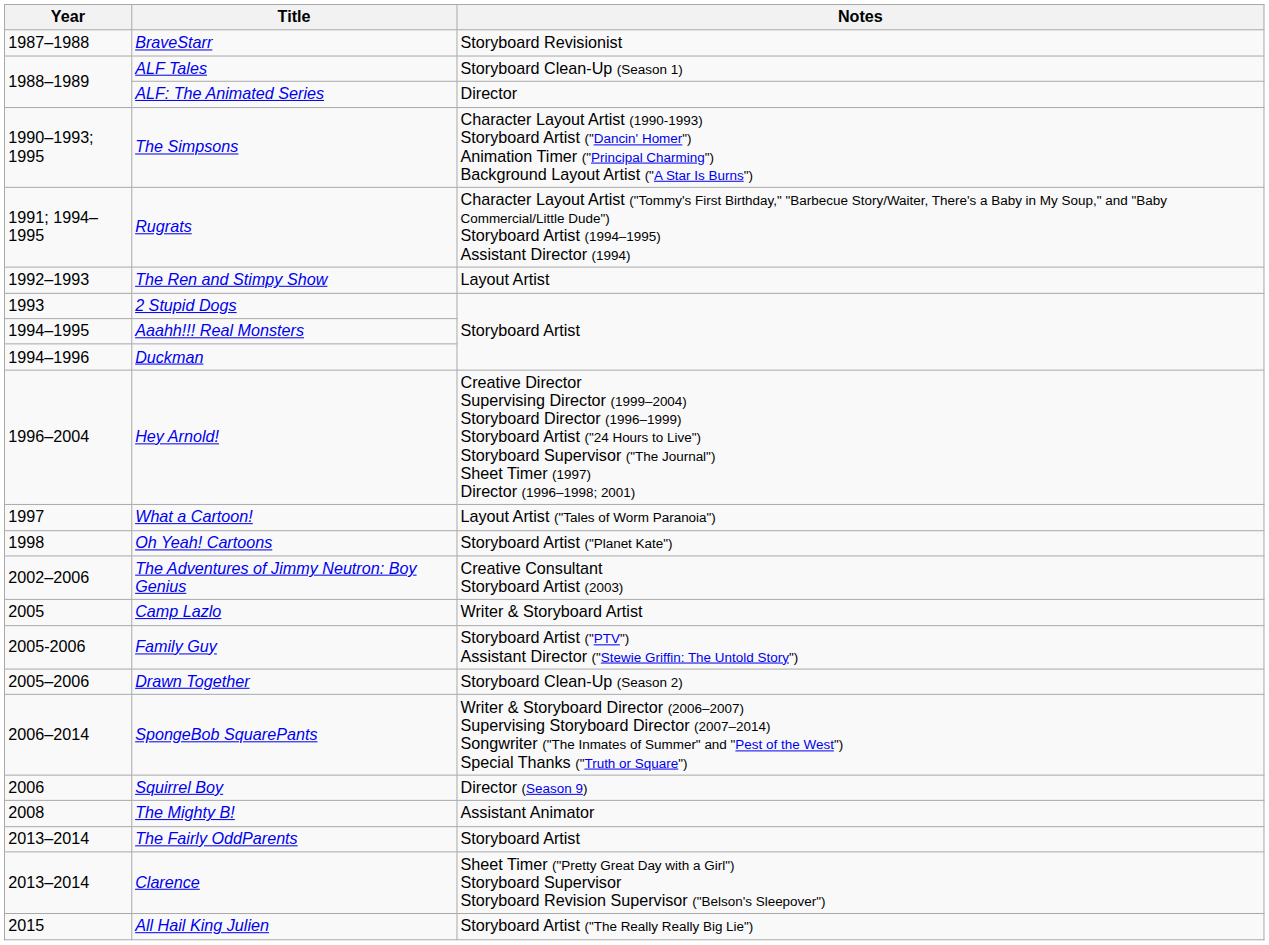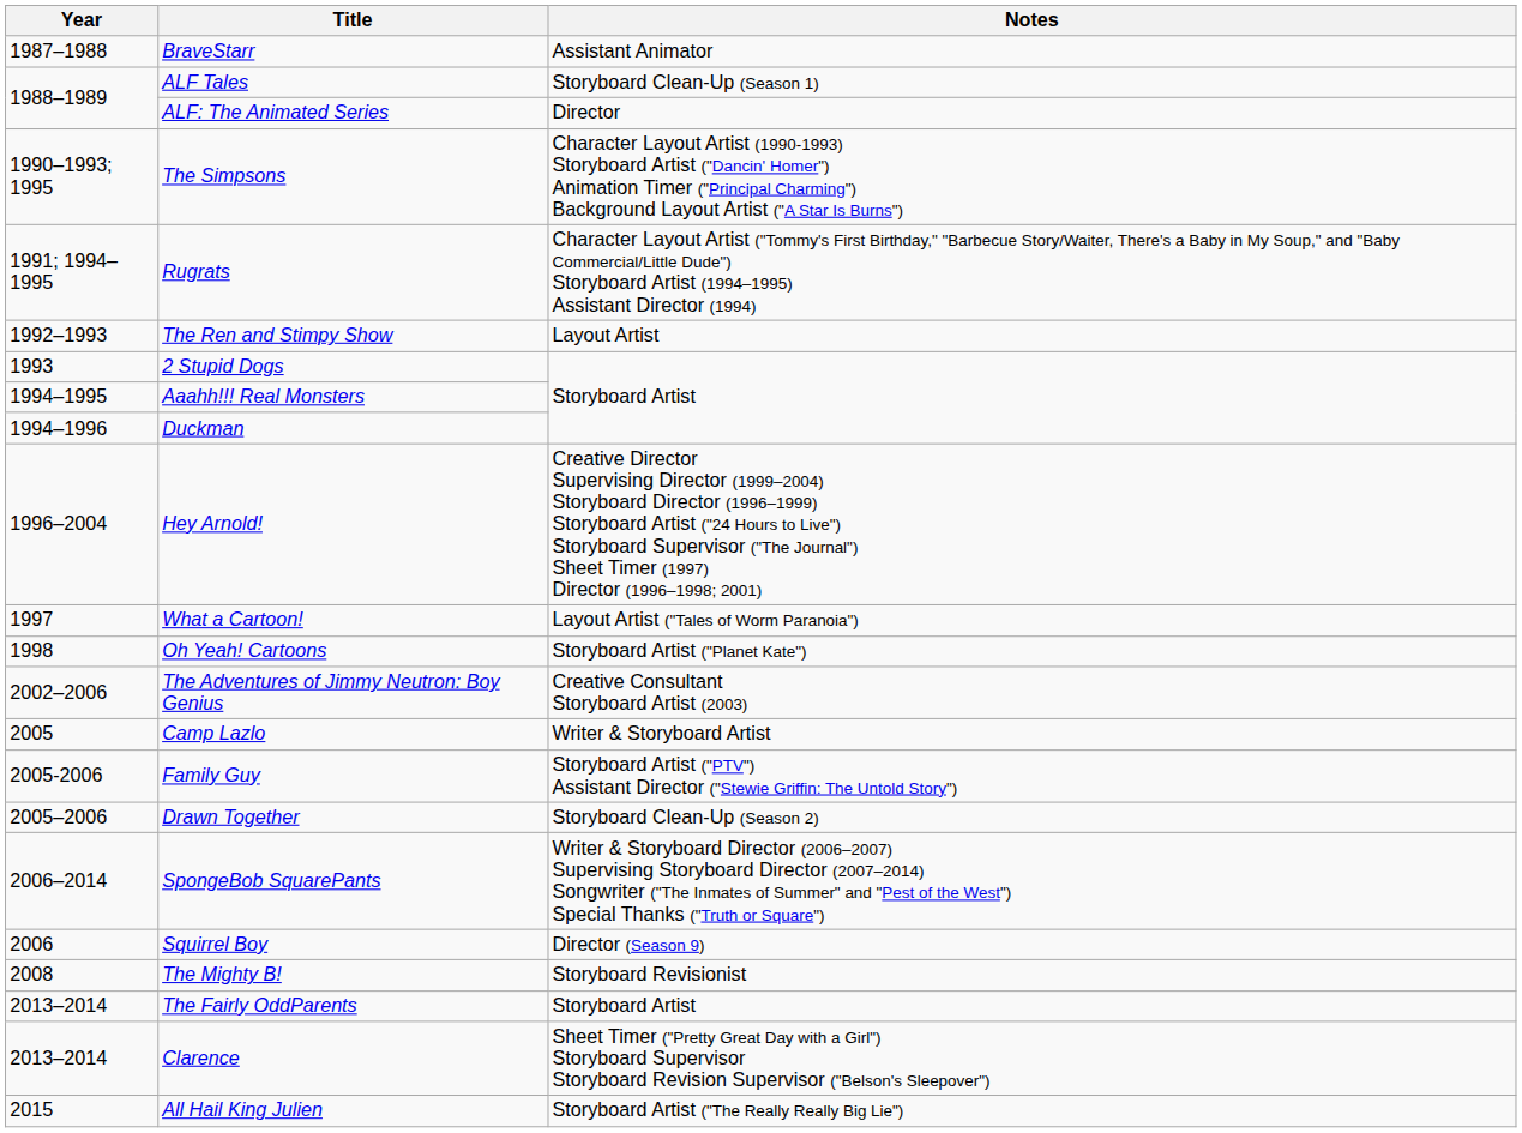 <table class="wikitable">
 <tr>
 <th>Year</th>
 <th>Title</th>
 <th>Notes</th>
 </tr>
 <tr>
 <td>1987–1988</td>
 <td><em><a href='#'>BraveStarr</a></em></td>
-<td>Storyboard Revisionist</td>
+<td>Assistant Animator</td>
 </tr>
 <tr>
 <td rowspan="2">1988–1989</td>
 <td><em><a href='#'>ALF Tales</a></em></td>
 <td>Storyboard Clean-Up <small>(Season 1)</small></td>
 </tr>
 <tr>
 <td><em><a href='#'>ALF: The Animated Series</a></em></td>
 <td>Director</td>
 </tr>
 <tr>
 <td>1990–1993; 1995</td>
 <td><em><a href='#'>The Simpsons</a></em></td>
 <td>Character Layout Artist <small>(1990-1993)</small><br>Storyboard Artist <small>("<a href='#'>Dancin' Homer</a>")</small><br>Animation Timer <small>("<a href='#'>Principal Charming</a>")</small><br>Background Layout Artist <small>("<a href='#'>A Star Is Burns</a>")</small></td>
 </tr>
 <tr>
 <td>1991; 1994–1995</td>
 <td><em><a href='#'>Rugrats</a></em></td>
 <td>Character Layout Artist <small>("Tommy's First Birthday," "Barbecue Story/Waiter, There's a Baby in My Soup," and "Baby Commercial/Little Dude")</small><br>Storyboard Artist <small>(1994–1995)</small><br>Assistant Director <small>(1994)</small></td>
 </tr>
 <tr>
 <td>1992–1993</td>
 <td><em><a href='#'>The Ren and Stimpy Show</a></em></td>
 <td>Layout Artist</td>
 </tr>
 <tr>
 <td>1993</td>
 <td><em><a href='#'>2 Stupid Dogs</a></em></td>
 <td rowspan="3">Storyboard Artist</td>
 </tr>
 <tr>
 <td>1994–1995</td>
 <td><em><a href='#'>Aaahh!!! Real Monsters</a></em></td>
 </tr>
 <tr>
 <td>1994–1996</td>
 <td><em><a href='#'>Duckman</a></em></td>
 </tr>
 <tr>
 <td>1996–2004</td>
 <td><em><a href='#'>Hey Arnold!</a></em></td>
 <td>Creative Director<br>Supervising Director <small>(1999–2004)</small><br>Storyboard Director <small>(1996–1999)</small><br>Storyboard Artist <small>("24 Hours to Live")</small><br>Storyboard Supervisor <small>("The Journal")</small><br>Sheet Timer <small>(1997)</small><br>Director <small>(1996–1998; 2001)</small></td>
 </tr>
 <tr>
 <td>1997</td>
 <td><em><a href='#'>What a Cartoon!</a></em></td>
 <td>Layout Artist <small>("Tales of Worm Paranoia")</small></td>
 </tr>
 <tr>
 <td>1998</td>
 <td><em><a href='#'>Oh Yeah! Cartoons</a></em></td>
 <td>Storyboard Artist <small>("Planet Kate")</small></td>
 </tr>
 <tr>
 <td>2002–2006</td>
 <td><em><a href='#'>The Adventures of Jimmy Neutron: Boy Genius</a></em></td>
 <td>Creative Consultant <br>Storyboard Artist <small>(2003)</small></td>
 </tr>
 <tr>
 <td>2005</td>
 <td><em><a href='#'>Camp Lazlo</a></em></td>
 <td>Writer & Storyboard Artist</td>
 </tr>
 <tr>
 <td>2005-2006</td>
 <td><em><a href='#'>Family Guy</a></em></td>
 <td>Storyboard Artist <small>("<a href='#'>PTV</a>")</small><br>Assistant Director <small>("<a href='#'>Stewie Griffin: The Untold Story</a>")</small></td>
 </tr>
 <tr>
 <td>2005–2006</td>
 <td><em><a href='#'>Drawn Together</a></em></td>
 <td>Storyboard Clean-Up <small>(Season 2)</small></td>
 </tr>
 <tr>
 <td>2006–2014</td>
 <td><em><a href='#'>SpongeBob SquarePants</a></em></td>
 <td>Writer & Storyboard Director <small>(2006–2007)</small><br>Supervising Storyboard Director <small>(2007–2014)</small><br>Songwriter <small>("The Inmates of Summer" and "<a href='#'>Pest of the West</a>")</small><br>Special Thanks <small>("<a href='#'>Truth or Square</a>")</small></td>
 </tr>
 <tr>
 <td>2006</td>
 <td><em><a href='#'>Squirrel Boy</a></em></td>
 <td>Director <small>(<a href='#'>Season 9</a>)</small></td>
 </tr>
 <tr>
 <td>2008</td>
 <td><em><a href='#'>The Mighty B!</a></em></td>
-<td>Assistant Animator</td>
+<td>Storyboard Revisionist</td>
 </tr>
 <tr>
 <td>2013–2014</td>
 <td><em><a href='#'>The Fairly OddParents</a></em></td>
 <td>Storyboard Artist</td>
 </tr>
 <tr>
 <td>2013–2014</td>
 <td><em><a href='#'>Clarence</a></em></td>
 <td>Sheet Timer <small>("Pretty Great Day with a Girl")</small><br>Storyboard Supervisor<br>Storyboard Revision Supervisor <small>("Belson's Sleepover")</small></td>
 </tr>
 <tr>
 <td>2015</td>
 <td><em><a href='#'>All Hail King Julien</a></em></td>
 <td>Storyboard Artist <small>("The Really Really Big Lie")</small></td>
 </tr>
 </table>
